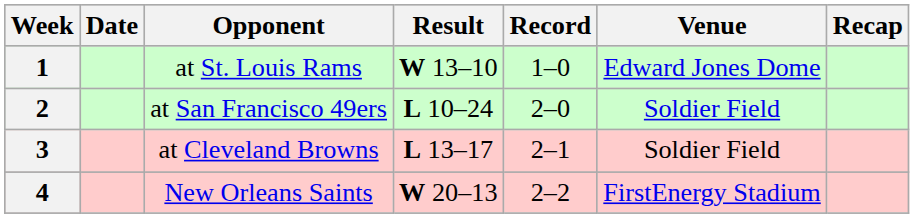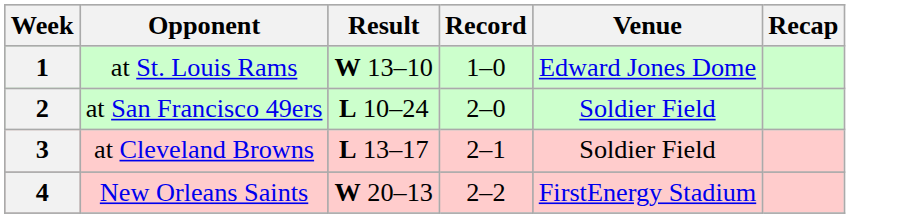 <table class="wikitable" style="text-align:center">
 <tr>
 <th>Week</th>
-<th>Date</th>
 <th>Opponent</th>
 <th>Result</th>
 <th>Record</th>
 <th>Venue</th>
 <th>Recap</th>
 </tr>
 <tr style="background: #cfc;">
 <th>1</th>
-<td></td>
 <td>at <a href='#'>St. Louis Rams</a></td>
 <td><strong>W</strong> 13–10</td>
 <td>1–0</td>
 <td><a href='#'>Edward Jones Dome</a></td>
 <td></td>
 </tr>
 <tr style="background:#cfc;">
 <th>2</th>
-<td></td>
 <td>at <a href='#'>San Francisco 49ers</a></td>
 <td><strong>L</strong> 10–24</td>
 <td>2–0</td>
 <td><a href='#'>Soldier Field</a></td>
 <td></td>
 </tr>
 <tr style="background:#fcc;">
 <th>3</th>
-<td></td>
 <td>at <a href='#'>Cleveland Browns</a></td>
 <td><strong>L</strong> 13–17</td>
 <td>2–1</td>
 <td>Soldier Field</td>
 <td></td>
 </tr>
 <tr style="background:#fcc;">
 <th>4</th>
-<td></td>
 <td><a href='#'>New Orleans Saints</a></td>
 <td><strong>W</strong> 20–13</td>
 <td>2–2</td>
 <td><a href='#'>FirstEnergy Stadium</a></td>
 <td></td>
 </tr>
 </table>
